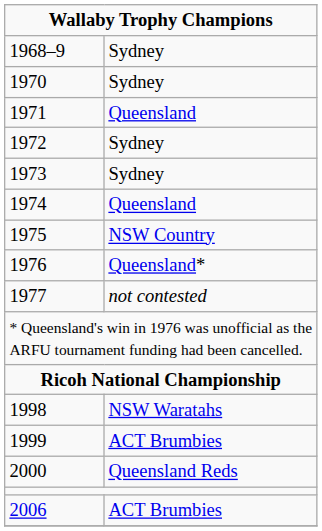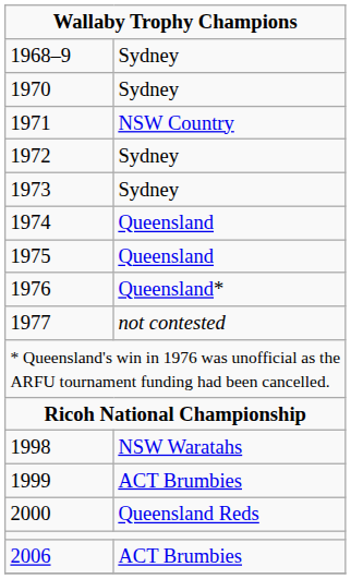 <table class="wikitable" style="text-align:left;margin-left:1em;cellpadding:5;font-size:90%;float:right">
 <tr>
 <td colspan="2" align="center"><strong>Wallaby Trophy Champions</strong></td>
 </tr>
 <tr>
 <td>1968–9</td>
 <td>Sydney</td>
 </tr>
 <tr>
 <td>1970</td>
 <td>Sydney</td>
 </tr>
 <tr>
 <td>1971</td>
-<td><a href='#'>Queensland</a></td>
+<td><a href='#'>NSW Country</a> </td>
 </tr>
 <tr>
 <td>1972</td>
 <td>Sydney</td>
 </tr>
 <tr>
 <td>1973</td>
 <td>Sydney</td>
 </tr>
 <tr>
 <td>1974</td>
 <td><a href='#'>Queensland</a></td>
 </tr>
 <tr>
 <td>1975</td>
-<td><a href='#'>NSW Country</a> </td>
+<td><a href='#'>Queensland</a></td>
 </tr>
 <tr>
 <td>1976</td>
 <td><a href='#'>Queensland</a>* </td>
 </tr>
 <tr>
 <td>1977</td>
 <td><em>not contested</em> </td>
 </tr>
 <tr>
 <td colspan="2"><small>* Queensland's win in 1976 was unofficial as the<br>ARFU tournament funding had been cancelled.</small></td>
 </tr>
 <tr>
 <td colspan="2" align="center"><strong>Ricoh National Championship</strong></td>
 </tr>
 <tr>
 <td>1998</td>
 <td><a href='#'>NSW Waratahs</a></td>
 </tr>
 <tr>
 <td>1999</td>
 <td><a href='#'>ACT Brumbies</a></td>
 </tr>
 <tr>
 <td>2000</td>
 <td><a href='#'>Queensland Reds</a></td>
 </tr>
 <tr>
 <td colspan="2" align="center"></td>
 </tr>
 <tr>
 <td><a href='#'>2006</a></td>
 <td><a href='#'>ACT Brumbies</a></td>
 </tr>
 <tr>
 </tr>
 </table>
